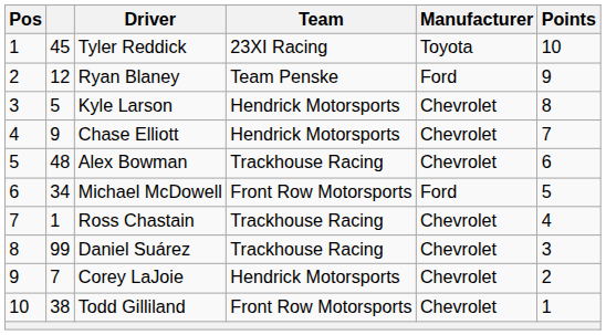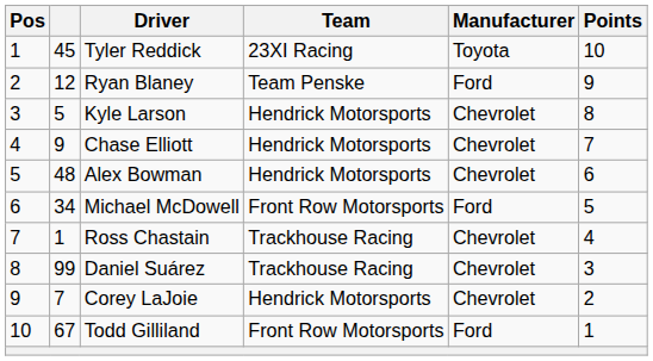 <table class="wikitable" style="font-size:98%">
 <tr>
 <th>Pos</th>
 <th></th>
 <th>Driver</th>
 <th>Team</th>
 <th>Manufacturer</th>
 <th>Points</th>
 </tr>
 <tr>
 <td>1</td>
 <td>45</td>
 <td>Tyler Reddick</td>
 <td>23XI Racing</td>
 <td>Toyota</td>
 <td>10</td>
 </tr>
 <tr>
 <td>2</td>
 <td>12</td>
 <td>Ryan Blaney</td>
 <td>Team Penske</td>
 <td>Ford</td>
 <td>9</td>
 </tr>
 <tr>
 <td>3</td>
 <td>5</td>
 <td>Kyle Larson</td>
 <td>Hendrick Motorsports</td>
 <td>Chevrolet</td>
 <td>8</td>
 </tr>
 <tr>
 <td>4</td>
 <td>9</td>
 <td>Chase Elliott</td>
 <td>Hendrick Motorsports</td>
 <td>Chevrolet</td>
 <td>7</td>
 </tr>
 <tr>
 <td>5</td>
 <td>48</td>
 <td>Alex Bowman</td>
-<td>Trackhouse Racing</td>
+<td>Hendrick Motorsports</td>
 <td>Chevrolet</td>
 <td>6</td>
 </tr>
 <tr>
 <td>6</td>
 <td>34</td>
 <td>Michael McDowell</td>
 <td>Front Row Motorsports</td>
 <td>Ford</td>
 <td>5</td>
 </tr>
 <tr>
 <td>7</td>
 <td>1</td>
 <td>Ross Chastain</td>
 <td>Trackhouse Racing</td>
 <td>Chevrolet</td>
 <td>4</td>
 </tr>
 <tr>
 <td>8</td>
 <td>99</td>
 <td>Daniel Suárez</td>
 <td>Trackhouse Racing</td>
 <td>Chevrolet</td>
 <td>3</td>
 </tr>
 <tr>
 <td>9</td>
 <td>7</td>
 <td>Corey LaJoie</td>
 <td>Hendrick Motorsports</td>
 <td>Chevrolet</td>
 <td>2</td>
 </tr>
 <tr>
 <td>10</td>
-<td>38</td>
+<td>67</td>
 <td>Todd Gilliland</td>
 <td>Front Row Motorsports</td>
-<td>Chevrolet</td>
+<td>Ford</td>
 <td>1</td>
 </tr>
 <tr>
 <th colspan="6"></th>
 </tr>
 </table>
